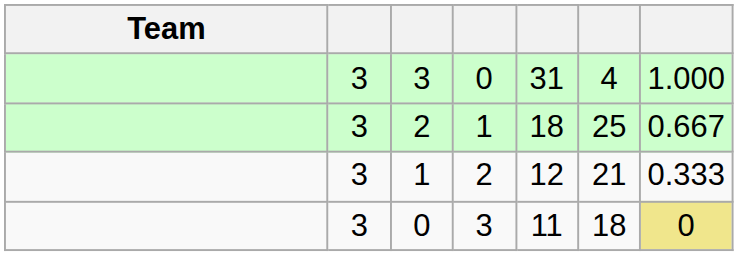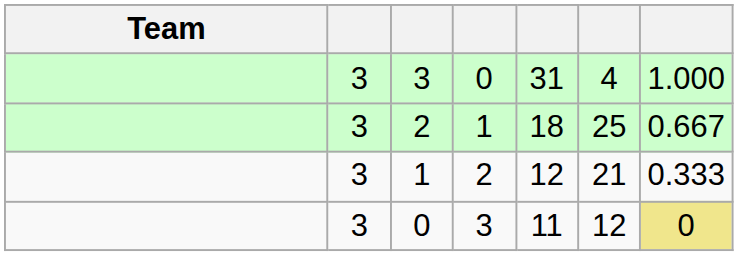 <table class="wikitable" style="text-align: center; font-size:100% ">
 <tr>
 <th width=160>Team</th>
 <th width=25></th>
 <th width=25></th>
 <th width=25></th>
 <th width=25></th>
 <th width=25></th>
 <th width=35></th>
 </tr>
 <tr bgcolor=ccffcc>
 <td align=left></td>
 <td>3</td>
 <td>3</td>
 <td>0</td>
 <td>31</td>
 <td>4</td>
 <td>1.000</td>
 </tr>
 <tr bgcolor=ccffcc>
 <td align=left></td>
 <td>3</td>
 <td>2</td>
 <td>1</td>
 <td>18</td>
 <td>25</td>
 <td>0.667</td>
 </tr>
 <tr>
 <td align=left></td>
 <td>3</td>
 <td>1</td>
 <td>2</td>
 <td>12</td>
 <td>21</td>
 <td>0.333</td>
 </tr>
 <tr>
 <td align=left></td>
 <td>3</td>
 <td>0</td>
 <td>3</td>
 <td>11</td>
-<td>18</td>
+<td>12</td>
 <td style="background: khaki;">0</td>
 </tr>
 </table>
